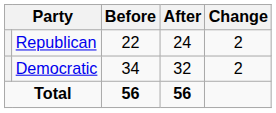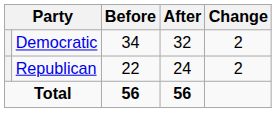 <table class="wikitable" style="text-align:center;">
 <tr>
 <th colspan="2">Party</th>
 <th>Before</th>
 <th>After</th>
 <th>Change</th>
 </tr>
 <tr>
 <th style="background-color:"></th>
-<td style="text-align:left;"><a href='#'>Republican</a></td>
-<td>22</td>
-<td>24</td>
+<td style="text-align:left;"><a href='#'>Democratic</a></td>
+<td>34</td>
+<td>32</td>
 <td> 2</td>
 </tr>
 <tr>
 <th style="background-color:"></th>
-<td style="text-align:left;"><a href='#'>Democratic</a></td>
-<td>34</td>
-<td>32</td>
+<td style="text-align:left;"><a href='#'>Republican</a></td>
+<td>22</td>
+<td>24</td>
 <td> 2</td>
 </tr>
 <tr>
 <td colspan="2"><strong>Total</strong></td>
 <td><strong>56</strong></td>
 <td><strong>56</strong></td>
 <td></td>
 </tr>
 </table>
